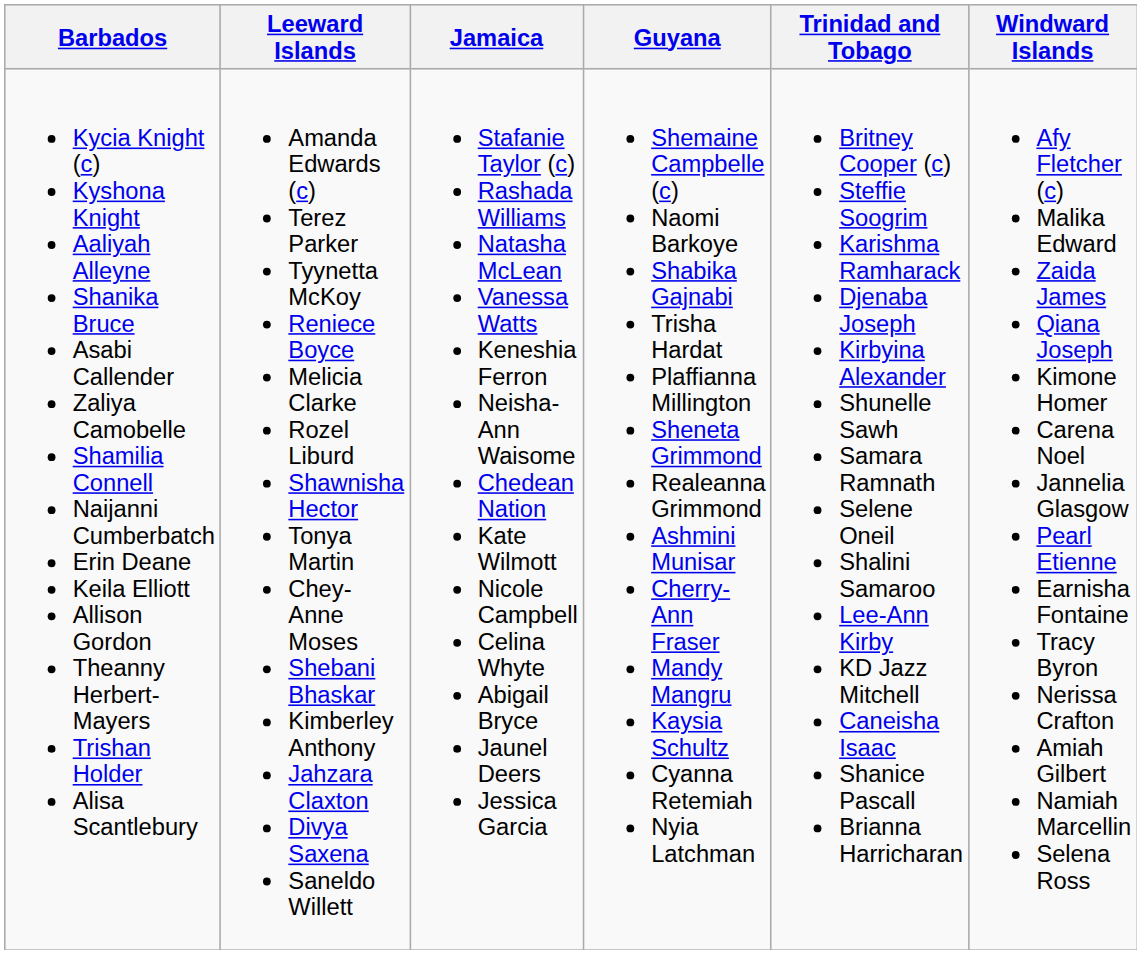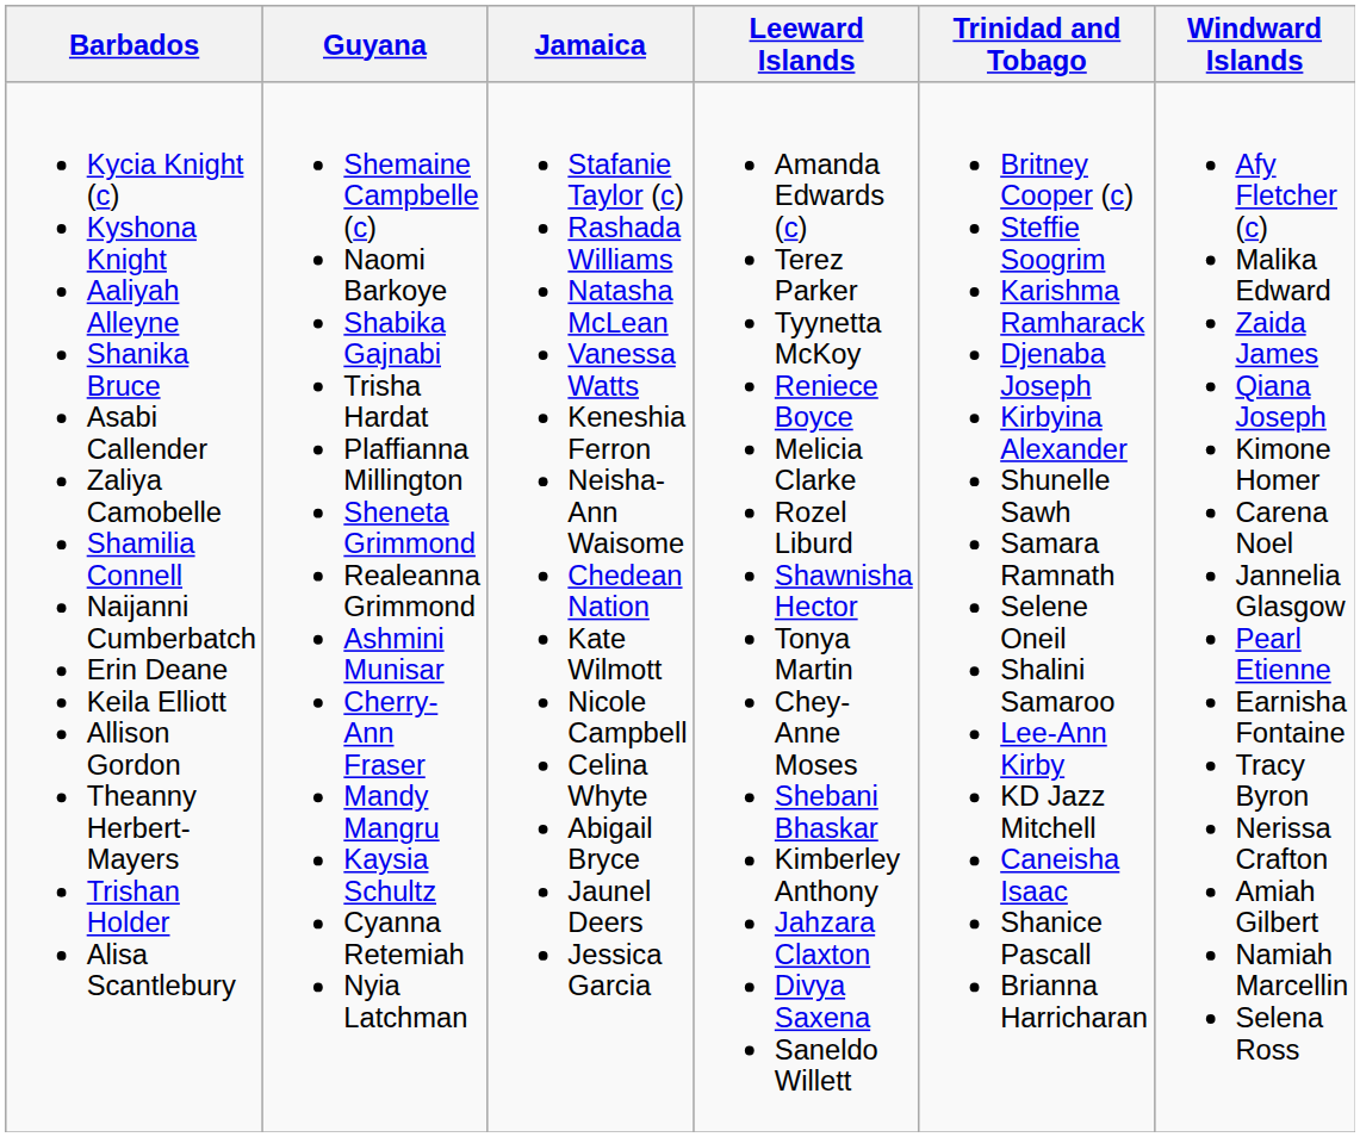 <table class="wikitable" style="font-size:95%;">
 <tr>
 <th><a href='#'>Barbados</a><br><small></small></th>
+<th><a href='#'>Guyana</a><br><small></small></th>
+<th><a href='#'>Jamaica</a><br><small></small></th>
 <th><a href='#'>Leeward Islands</a><br><small></small></th>
-<th><a href='#'>Jamaica</a><br><small></small></th>
-<th><a href='#'>Guyana</a><br><small></small></th>
 <th><a href='#'>Trinidad and Tobago</a><br><small></small></th>
 <th><a href='#'>Windward Islands</a><br><small></small></th>
 </tr>
 <tr>
 <td valign="top"><br><ul><li><a href='#'>Kycia Knight</a> (<a href='#'>c</a>)</li><li><a href='#'>Kyshona Knight</a></li><li><a href='#'>Aaliyah Alleyne</a></li><li><a href='#'>Shanika Bruce</a></li><li>Asabi Callender</li><li>Zaliya Camobelle</li><li><a href='#'>Shamilia Connell</a></li><li>Naijanni Cumberbatch</li><li>Erin Deane</li><li>Keila Elliott</li><li>Allison Gordon</li><li>Theanny Herbert-Mayers</li><li><a href='#'>Trishan Holder</a></li><li>Alisa Scantlebury</li></ul></td>
+<td valign="top"><br><ul><li><a href='#'>Shemaine Campbelle</a> (<a href='#'>c</a>)</li><li>Naomi Barkoye</li><li><a href='#'>Shabika Gajnabi</a></li><li>Trisha Hardat</li><li>Plaffianna Millington</li><li><a href='#'>Sheneta Grimmond</a></li><li>Realeanna Grimmond</li><li><a href='#'>Ashmini Munisar</a></li><li><a href='#'>Cherry-Ann Fraser</a></li><li><a href='#'>Mandy Mangru</a></li><li><a href='#'>Kaysia Schultz</a></li><li>Cyanna Retemiah</li><li>Nyia Latchman</li></ul></td>
+<td valign="top"><br><ul><li><a href='#'>Stafanie Taylor</a> (<a href='#'>c</a>)</li><li><a href='#'>Rashada Williams</a></li><li><a href='#'>Natasha McLean</a></li><li><a href='#'>Vanessa Watts</a></li><li>Keneshia Ferron</li><li>Neisha-Ann Waisome</li><li><a href='#'>Chedean Nation</a></li><li>Kate Wilmott</li><li>Nicole Campbell</li><li>Celina Whyte</li><li>Abigail Bryce</li><li>Jaunel Deers</li><li>Jessica Garcia</li></ul></td>
 <td valign="top"><br><ul><li>Amanda Edwards (<a href='#'>c</a>)</li><li>Terez Parker</li><li>Tyynetta McKoy</li><li><a href='#'>Reniece Boyce</a></li><li>Melicia Clarke</li><li>Rozel Liburd</li><li><a href='#'>Shawnisha Hector</a></li><li>Tonya Martin</li><li>Chey-Anne Moses</li><li><a href='#'>Shebani Bhaskar</a></li><li>Kimberley Anthony</li><li><a href='#'>Jahzara Claxton</a></li><li><a href='#'>Divya Saxena</a></li><li>Saneldo Willett</li></ul></td>
-<td valign="top"><br><ul><li><a href='#'>Stafanie Taylor</a> (<a href='#'>c</a>)</li><li><a href='#'>Rashada Williams</a></li><li><a href='#'>Natasha McLean</a></li><li><a href='#'>Vanessa Watts</a></li><li>Keneshia Ferron</li><li>Neisha-Ann Waisome</li><li><a href='#'>Chedean Nation</a></li><li>Kate Wilmott</li><li>Nicole Campbell</li><li>Celina Whyte</li><li>Abigail Bryce</li><li>Jaunel Deers</li><li>Jessica Garcia</li></ul></td>
-<td valign="top"><br><ul><li><a href='#'>Shemaine Campbelle</a> (<a href='#'>c</a>)</li><li>Naomi Barkoye</li><li><a href='#'>Shabika Gajnabi</a></li><li>Trisha Hardat</li><li>Plaffianna Millington</li><li><a href='#'>Sheneta Grimmond</a></li><li>Realeanna Grimmond</li><li><a href='#'>Ashmini Munisar</a></li><li><a href='#'>Cherry-Ann Fraser</a></li><li><a href='#'>Mandy Mangru</a></li><li><a href='#'>Kaysia Schultz</a></li><li>Cyanna Retemiah</li><li>Nyia Latchman</li></ul></td>
 <td valign="top"><br><ul><li><a href='#'>Britney Cooper</a> (<a href='#'>c</a>)</li><li><a href='#'>Steffie Soogrim</a></li><li><a href='#'>Karishma Ramharack</a></li><li><a href='#'>Djenaba Joseph</a></li><li><a href='#'>Kirbyina Alexander</a></li><li>Shunelle Sawh</li><li>Samara Ramnath</li><li>Selene Oneil</li><li>Shalini Samaroo</li><li><a href='#'>Lee-Ann Kirby</a></li><li>KD Jazz Mitchell</li><li><a href='#'>Caneisha Isaac</a></li><li>Shanice Pascall</li><li>Brianna Harricharan</li></ul></td>
 <td valign="top"><br><ul><li><a href='#'>Afy Fletcher</a> (<a href='#'>c</a>)</li><li>Malika Edward</li><li><a href='#'>Zaida James</a></li><li><a href='#'>Qiana Joseph</a></li><li>Kimone Homer</li><li>Carena Noel</li><li>Jannelia Glasgow</li><li><a href='#'>Pearl Etienne</a></li><li>Earnisha Fontaine</li><li>Tracy Byron</li><li>Nerissa Crafton</li><li>Amiah Gilbert</li><li>Namiah Marcellin</li><li>Selena Ross</li></ul></td>
 </tr>
 </table>
